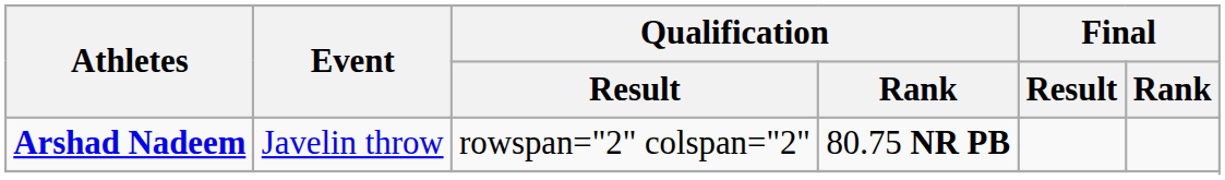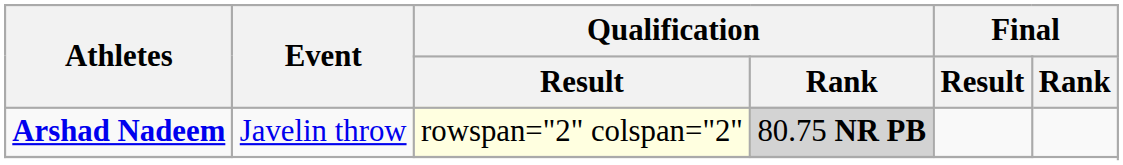 <table class=wikitable style="text-align:center; font-size:90%">
 <tr>
 <th rowspan=2>Athletes</th>
 <th rowspan=2>Event</th>
 <th colspan=2>Qualification</th>
 <th colspan=2>Final</th>
 </tr>
 <tr>
 <th>Result</th>
 <th>Rank</th>
 <th>Result</th>
 <th>Rank</th>
 </tr>
 <tr>
 <td align=left><strong><a href='#'>Arshad Nadeem</a></strong></td>
 <td style="text-align:left;" rowspan=2><a href='#'>Javelin throw</a></td>
-<td>rowspan="2" colspan="2" </td>
-<td>80.75 <strong>NR</strong> <strong>PB</strong></td>
+<td style="background: lightyellow;">rowspan="2" colspan="2" </td>
+<td style="background: lightgrey;">80.75 <strong>NR</strong> <strong>PB</strong></td>
 <td></td>
 </tr>
 <tr>
 </tr>
 </table>
